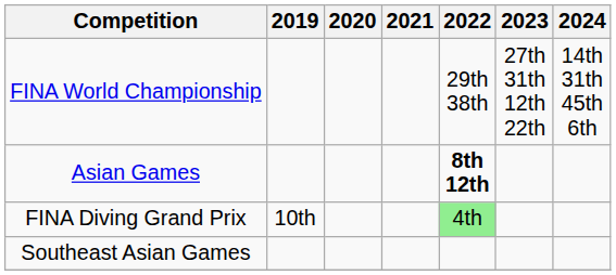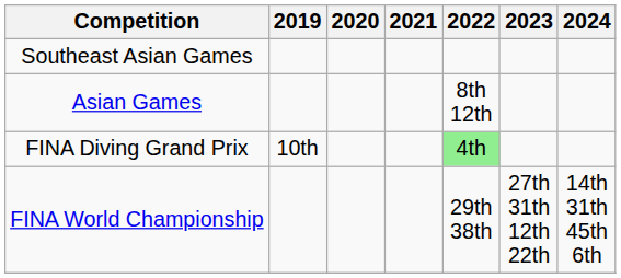 <table class="wikitable">
 <tr>
 <th>Competition</th>
 <th>2019</th>
 <th>2020</th>
 <th>2021</th>
 <th>2022</th>
 <th>2023</th>
 <th>2024</th>
 </tr>
 <tr>
-<td align="center"><a href='#'>FINA World Championship</a></td>
+<td align="center">Southeast Asian Games</td>
 <td></td>
 <td></td>
 <td></td>
-<td align="center">29th<br>38th</td>
-<td align="center">27th<br>31th<br>12th<br>22th</td>
-<td align="center">14th<br>31th<br>45th<br>6th</td>
+<td></td>
+<td align="center"><br></td>
+<td></td>
 </tr>
 <tr>
 <td align="center"><a href='#'>Asian Games</a></td>
 <td></td>
 <td></td>
 <td></td>
-<td align="center"><strong>8th<br>12th</strong></td>
+<td align="center">8th<br>12th</td>
 <td></td>
 </tr>
 <tr>
 <td align="center">FINA Diving Grand Prix</td>
 <td align="center">10th</td>
 <td></td>
 <td></td>
 <td align="center" style="background: lightgreen;">4th<br></td>
 <td></td>
 <td></td>
 </tr>
 <tr>
-<td align="center">Southeast Asian Games</td>
+<td align="center"><a href='#'>FINA World Championship</a></td>
 <td></td>
 <td></td>
 <td></td>
-<td></td>
-<td align="center"><br></td>
-<td></td>
+<td align="center">29th<br>38th</td>
+<td align="center">27th<br>31th<br>12th<br>22th</td>
+<td align="center">14th<br>31th<br>45th<br>6th</td>
 </tr>
 <tr>
 </tr>
 </table>
